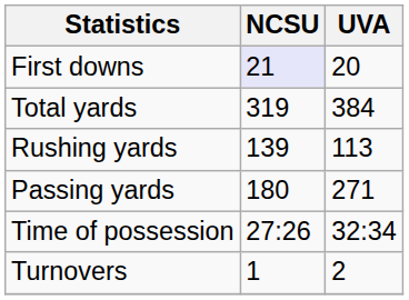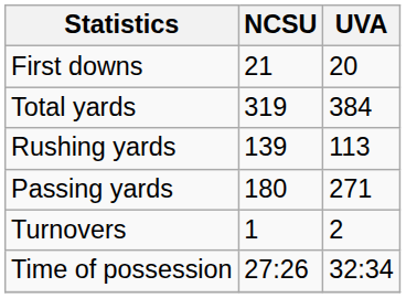 <table class="wikitable">
 <tr>
 <th>Statistics</th>
 <th>NCSU</th>
 <th>UVA</th>
 </tr>
 <tr>
 <td>First downs</td>
-<td style="background: lavender;">21</td>
+<td>21</td>
 <td>20</td>
 </tr>
 <tr>
 <td>Total yards</td>
 <td>319</td>
 <td>384</td>
 </tr>
 <tr>
 <td>Rushing yards</td>
 <td>139</td>
 <td>113</td>
 </tr>
 <tr>
 <td>Passing yards</td>
 <td>180</td>
 <td>271</td>
 </tr>
 <tr>
+<td>Turnovers</td>
+<td>1</td>
+<td>2</td>
+</tr>
+<tr>
 <td>Time of possession</td>
 <td>27:26</td>
 <td>32:34</td>
 </tr>
 <tr>
-<td>Turnovers</td>
-<td>1</td>
-<td>2</td>
-</tr>
-<tr>
 </tr>
 </table>
